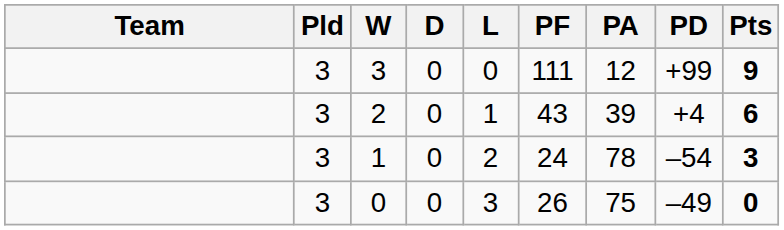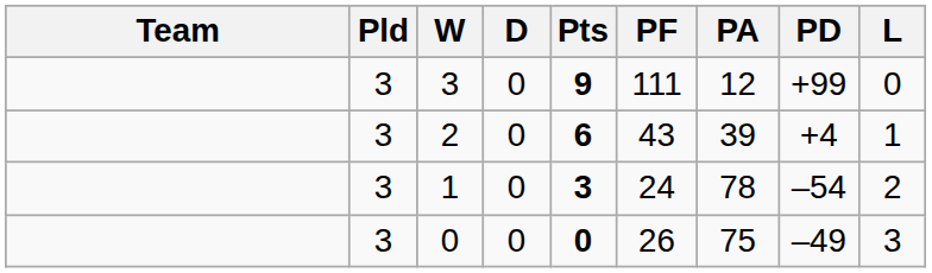 <table class="wikitable" style="text-align:center;">
 <tr>
 <th width=160>Team</th>
 <th width=25 abbr="Played">Pld</th>
 <th width=25 abbr="Won">W</th>
 <th width=25 abbr="Drawn">D</th>
-<th width=25 abbr="Lost">L</th>
+<th width=25 abbr="Points">Pts</th>
 <th width=32 abbr="Points for">PF</th>
 <th width=32 abbr="Points against">PA</th>
 <th width=32 abbr="Points difference">PD</th>
-<th width=25 abbr="Points">Pts</th>
+<th width=25 abbr="Lost">L</th>
 </tr>
 <tr>
 <td align=left></td>
 <td>3</td>
 <td>3</td>
 <td>0</td>
-<td>0</td>
+<td><strong>9</strong></td>
 <td>111</td>
 <td>12</td>
 <td>+99</td>
-<td><strong>9</strong></td>
+<td>0</td>
 </tr>
 <tr>
 <td align=left></td>
 <td>3</td>
 <td>2</td>
 <td>0</td>
-<td>1</td>
+<td><strong>6</strong></td>
 <td>43</td>
 <td>39</td>
 <td>+4</td>
-<td><strong>6</strong></td>
+<td>1</td>
 </tr>
 <tr>
 <td align=left></td>
 <td>3</td>
 <td>1</td>
 <td>0</td>
-<td>2</td>
+<td><strong>3</strong></td>
 <td>24</td>
 <td>78</td>
 <td>–54</td>
-<td><strong>3</strong></td>
+<td>2</td>
 </tr>
 <tr>
 <td align=left></td>
 <td>3</td>
 <td>0</td>
 <td>0</td>
-<td>3</td>
+<td><strong>0</strong></td>
 <td>26</td>
 <td>75</td>
 <td>–49</td>
-<td><strong>0</strong></td>
+<td>3</td>
 </tr>
 </table>
